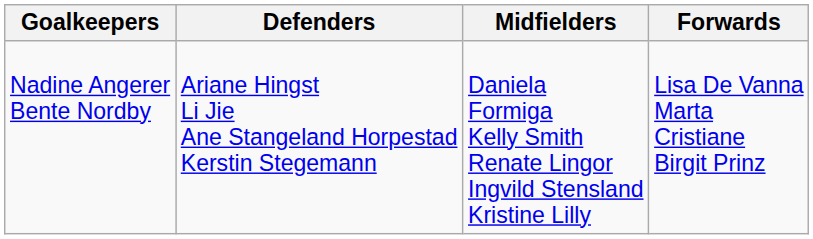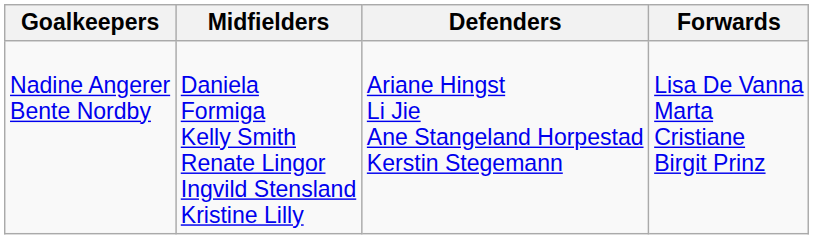 <table class="wikitable">
 <tr>
 <th>Goalkeepers</th>
+<th>Midfielders</th>
 <th>Defenders</th>
-<th>Midfielders</th>
 <th>Forwards</th>
 </tr>
 <tr>
 <td align=left valign=top><br> <a href='#'>Nadine Angerer</a> <br>  <a href='#'>Bente Nordby</a></td>
+<td align=left valign=top><br> <a href='#'>Daniela</a> <br>  <a href='#'>Formiga</a> <br>  <a href='#'>Kelly Smith</a> <br>  <a href='#'>Renate Lingor</a> <br>  <a href='#'>Ingvild Stensland</a> <br>  <a href='#'>Kristine Lilly</a></td>
 <td align=left valign=top><br> <a href='#'>Ariane Hingst</a> <br>  <a href='#'>Li Jie</a> <br>  <a href='#'>Ane Stangeland Horpestad</a> <br>  <a href='#'>Kerstin Stegemann</a></td>
-<td align=left valign=top><br> <a href='#'>Daniela</a> <br>  <a href='#'>Formiga</a> <br>  <a href='#'>Kelly Smith</a> <br>  <a href='#'>Renate Lingor</a> <br>  <a href='#'>Ingvild Stensland</a> <br>  <a href='#'>Kristine Lilly</a></td>
 <td align=left valign=top><br> <a href='#'>Lisa De Vanna</a> <br>  <a href='#'>Marta</a> <br>  <a href='#'>Cristiane</a> <br>  <a href='#'>Birgit Prinz</a></td>
 </tr>
 </table>
